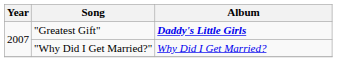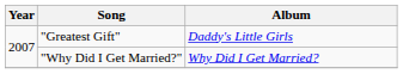 <table class="wikitable">
 <tr>
 <th width="20" align="center">Year</th>
 <th align="center">Song</th>
 <th width="250" align="center">Album</th>
 </tr>
 <tr>
 <td rowspan="2" align="center">2007</td>
 <td>"Greatest Gift"</td>
-<td align="left"><strong><em><a href='#'>Daddy's Little Girls</a></em></strong></td>
+<td align="left"><em><a href='#'>Daddy's Little Girls</a></em></td>
 </tr>
 <tr>
 <td>"Why Did I Get Married?"</td>
 <td align="left"><a href='#'><em>Why Did I Get Married?</em></a></td>
 </tr>
 <tr>
 </tr>
 </table>
